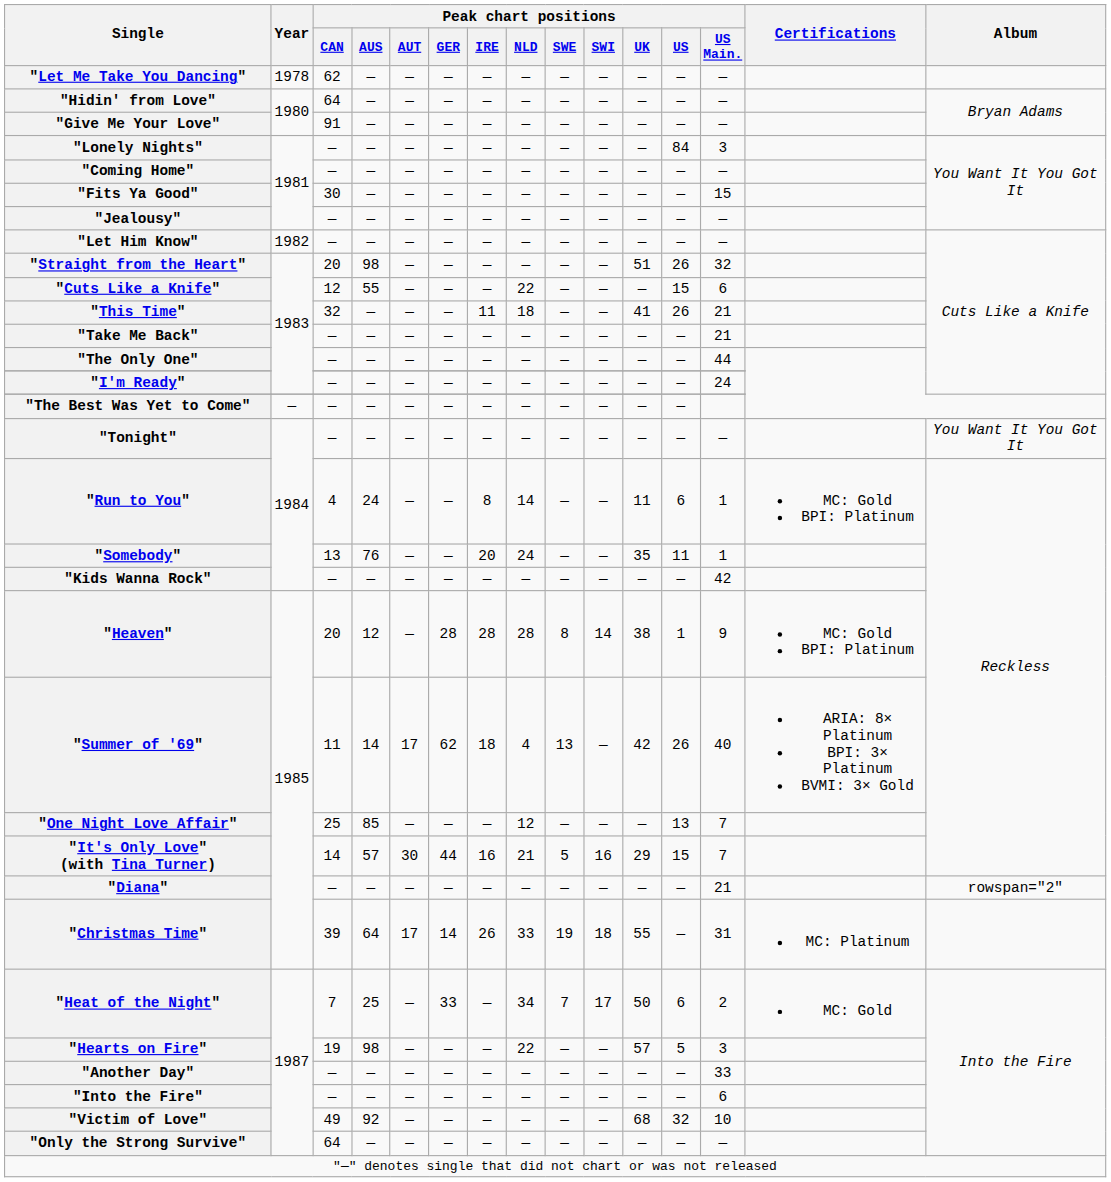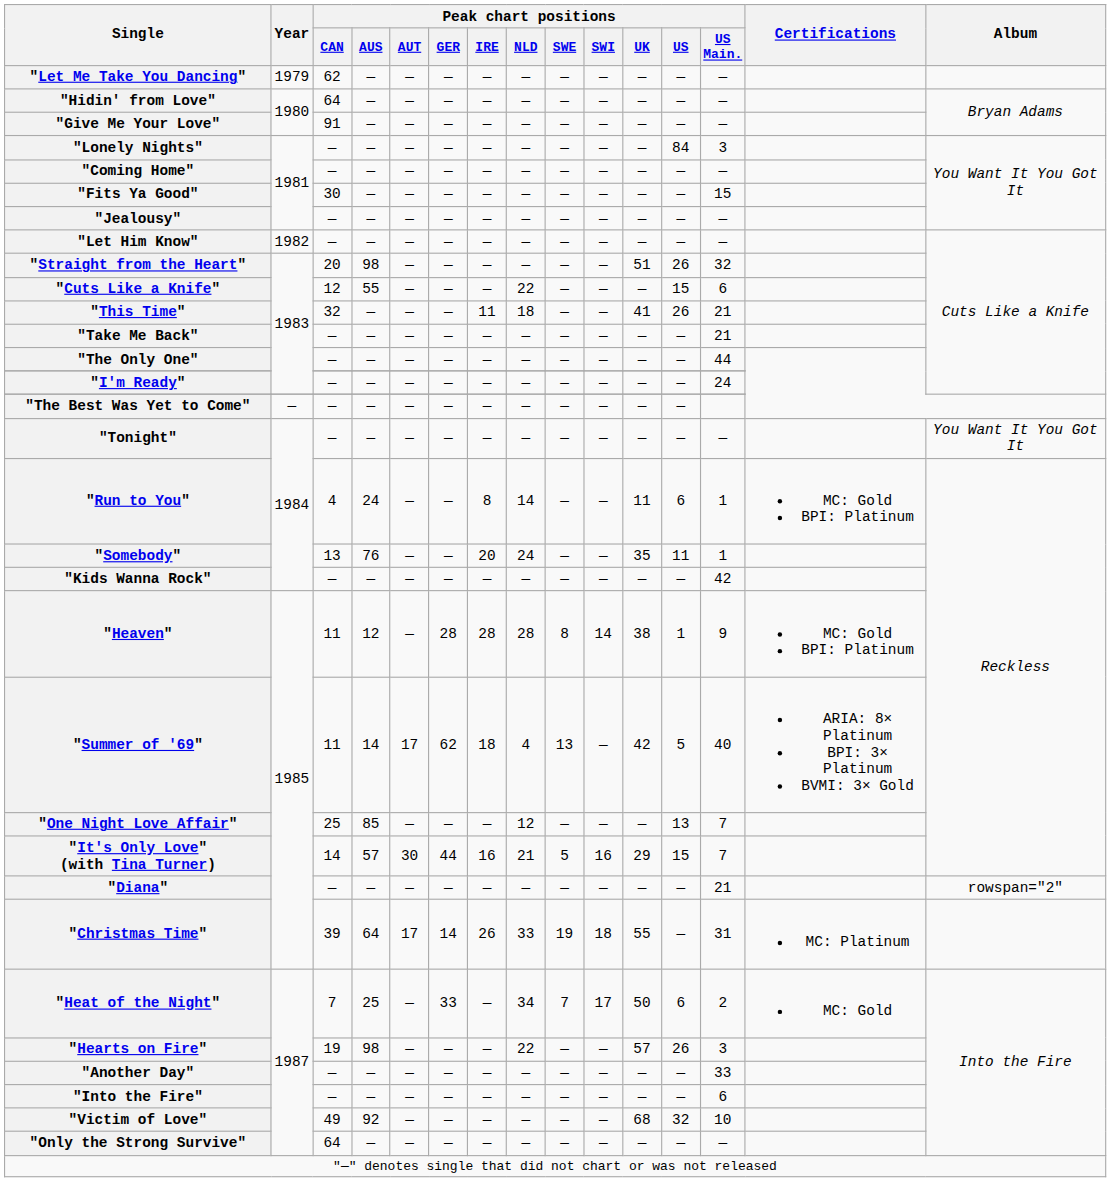 <table class="wikitable plainrowheaders" style="text-align:center;" border="1">
 <tr>
 <th scope="col" rowspan="2" style="width:18em;">Single</th>
 <th scope="col" rowspan="2">Year</th>
 <th scope="col" colspan="11">Peak chart positions</th>
 <th scope="col" rowspan="2" style="width:12em;"><a href='#'>Certifications</a></th>
 <th scope="col" rowspan="2" style="width:12em;">Album</th>
 </tr>
 <tr>
 <th scope="col" style="width:2.5em;font-size:90%;"><a href='#'>CAN</a><br></th>
 <th scope="col" style="width:2.5em;font-size:90%;"><a href='#'>AUS</a><br></th>
 <th scope="col" style="width:2.5em;font-size:90%;"><a href='#'>AUT</a><br></th>
 <th scope="col" style="width:2.5em;font-size:90%;"><a href='#'>GER</a><br></th>
 <th scope="col" style="width:2.5em;font-size:90%;"><a href='#'>IRE</a><br></th>
 <th scope="col" style="width:2.5em;font-size:90%;"><a href='#'>NLD</a><br></th>
 <th scope="col" style="width:2.5em;font-size:90%;"><a href='#'>SWE</a><br></th>
 <th scope="col" style="width:2.5em;font-size:90%;"><a href='#'>SWI</a><br></th>
 <th scope="col" style="width:2.5em;font-size:90%;"><a href='#'>UK</a><br></th>
 <th scope="col" style="width:2.5em;font-size:90%;"><a href='#'>US</a><br></th>
 <th scope="col" style="width:2.5em;font-size:90%;"><a href='#'>US<br>Main.</a><br></th>
 </tr>
 <tr>
 <th scope="row">"<a href='#'>Let Me Take You Dancing</a>"</th>
-<td>1978</td>
+<td>1979</td>
 <td>62</td>
 <td>—</td>
 <td>—</td>
 <td>—</td>
 <td>—</td>
 <td>—</td>
 <td>—</td>
 <td>—</td>
 <td>—</td>
 <td>—</td>
 <td>—</td>
 <td></td>
 <td></td>
 </tr>
 <tr>
 <th scope="row">"Hidin' from Love"</th>
 <td rowspan="2">1980</td>
 <td>64</td>
 <td>—</td>
 <td>—</td>
 <td>—</td>
 <td>—</td>
 <td>—</td>
 <td>—</td>
 <td>—</td>
 <td>—</td>
 <td>—</td>
 <td>—</td>
 <td></td>
 <td rowspan="2"><em>Bryan Adams</em></td>
 </tr>
 <tr>
 <th scope="row">"Give Me Your Love"</th>
 <td>91</td>
 <td>—</td>
 <td>—</td>
 <td>—</td>
 <td>—</td>
 <td>—</td>
 <td>—</td>
 <td>—</td>
 <td>—</td>
 <td>—</td>
 <td>—</td>
 <td></td>
 </tr>
 <tr>
 <th scope="row">"Lonely Nights"</th>
 <td rowspan="4">1981</td>
 <td>—</td>
 <td>—</td>
 <td>—</td>
 <td>—</td>
 <td>—</td>
 <td>—</td>
 <td>—</td>
 <td>—</td>
 <td>—</td>
 <td>84</td>
 <td>3</td>
 <td></td>
 <td rowspan="4"><em>You Want It You Got It</em></td>
 </tr>
 <tr>
 <th scope="row">"Coming Home"</th>
 <td>—</td>
 <td>—</td>
 <td>—</td>
 <td>—</td>
 <td>—</td>
 <td>—</td>
 <td>—</td>
 <td>—</td>
 <td>—</td>
 <td>—</td>
 <td>—</td>
 <td></td>
 </tr>
 <tr>
 <th scope="row">"Fits Ya Good"</th>
 <td>30</td>
 <td>—</td>
 <td>—</td>
 <td>—</td>
 <td>—</td>
 <td>—</td>
 <td>—</td>
 <td>—</td>
 <td>—</td>
 <td>—</td>
 <td>15</td>
 <td></td>
 </tr>
 <tr>
 <th scope="row">"Jealousy"</th>
 <td>—</td>
 <td>—</td>
 <td>—</td>
 <td>—</td>
 <td>—</td>
 <td>—</td>
 <td>—</td>
 <td>—</td>
 <td>—</td>
 <td>—</td>
 <td>—</td>
 <td></td>
 </tr>
 <tr>
 <th scope="row">"Let Him Know"</th>
 <td rowspan="1">1982</td>
 <td>—</td>
 <td>—</td>
 <td>—</td>
 <td>—</td>
 <td>—</td>
 <td>—</td>
 <td>—</td>
 <td>—</td>
 <td>—</td>
 <td>—</td>
 <td>—</td>
 <td></td>
 <td rowspan="8"><em>Cuts Like a Knife</em></td>
 </tr>
 <tr>
 <th scope="row">"<a href='#'>Straight from the Heart</a>"</th>
 <td rowspan="7">1983</td>
 <td>20</td>
 <td>98</td>
 <td>—</td>
 <td>—</td>
 <td>—</td>
 <td>—</td>
 <td>—</td>
 <td>—</td>
 <td>51</td>
 <td>26</td>
 <td>32</td>
 <td></td>
 </tr>
 <tr>
 <th scope="row">"<a href='#'>Cuts Like a Knife</a>"</th>
 <td>12</td>
 <td>55</td>
 <td>—</td>
 <td>—</td>
 <td>—</td>
 <td>22</td>
 <td>—</td>
 <td>—</td>
 <td>—</td>
 <td>15</td>
 <td>6</td>
 <td></td>
 </tr>
 <tr>
 <th scope="row">"<a href='#'>This Time</a>"</th>
 <td>32</td>
 <td>—</td>
 <td>—</td>
 <td>—</td>
 <td>11</td>
 <td>18</td>
 <td>—</td>
 <td>—</td>
 <td>41</td>
 <td>26</td>
 <td>21</td>
 <td></td>
 </tr>
 <tr>
 <th scope="row">"Take Me Back"</th>
 <td>—</td>
 <td>—</td>
 <td>—</td>
 <td>—</td>
 <td>—</td>
 <td>—</td>
 <td>—</td>
 <td>—</td>
 <td>—</td>
 <td>—</td>
 <td>21</td>
 <td></td>
 </tr>
 <tr>
 <th scope="row">"The Only One"</th>
 <td>—</td>
 <td>—</td>
 <td>—</td>
 <td>—</td>
 <td>—</td>
 <td>—</td>
 <td>—</td>
 <td>—</td>
 <td>—</td>
 <td>—</td>
 <td>44</td>
 </tr>
 <tr>
 </tr>
 <tr>
 <th scope="row">"<a href='#'>I'm Ready</a>"</th>
 <td>—</td>
 <td>—</td>
 <td>—</td>
 <td>—</td>
 <td>—</td>
 <td>—</td>
 <td>—</td>
 <td>—</td>
 <td>—</td>
 <td>—</td>
 <td>24</td>
 </tr>
 <tr>
 </tr>
 <tr>
 <th scope="row">"The Best Was Yet to Come"</th>
 <td>—</td>
 <td>—</td>
 <td>—</td>
 <td>—</td>
 <td>—</td>
 <td>—</td>
 <td>—</td>
 <td>—</td>
 <td>—</td>
 <td>—</td>
 <td>—</td>
 <td></td>
 </tr>
 <tr>
 <th scope="row">"Tonight"</th>
 <td rowspan="4">1984</td>
 <td>—</td>
 <td>—</td>
 <td>—</td>
 <td>—</td>
 <td>—</td>
 <td>—</td>
 <td>—</td>
 <td>—</td>
 <td>—</td>
 <td>—</td>
 <td>—</td>
 <td></td>
 <td rowspan="1"><em>You Want It You Got It</em></td>
 </tr>
 <tr>
 <th scope="row">"<a href='#'>Run to You</a>"</th>
 <td>4</td>
 <td>24</td>
 <td>—</td>
 <td>—</td>
 <td>8</td>
 <td>14</td>
 <td>—</td>
 <td>—</td>
 <td>11</td>
 <td>6</td>
 <td>1</td>
 <td><br><ul><li>MC: Gold</li><li>BPI: Platinum</li></ul></td>
 <td rowspan="7"><em>Reckless</em></td>
 </tr>
 <tr>
 <th scope="row">"<a href='#'>Somebody</a>"</th>
 <td>13</td>
 <td>76</td>
 <td>—</td>
 <td>—</td>
 <td>20</td>
 <td>24</td>
 <td>—</td>
 <td>—</td>
 <td>35</td>
 <td>11</td>
 <td>1</td>
 <td></td>
 </tr>
 <tr>
 <th scope="row">"Kids Wanna Rock"</th>
 <td>—</td>
 <td>—</td>
 <td>—</td>
 <td>—</td>
 <td>—</td>
 <td>—</td>
 <td>—</td>
 <td>—</td>
 <td>—</td>
 <td>—</td>
 <td>42</td>
 <td></td>
 </tr>
 <tr>
 <th scope="row">"<a href='#'>Heaven</a>"</th>
 <td rowspan="6">1985</td>
-<td>20</td>
+<td>11</td>
 <td>12</td>
 <td>—</td>
 <td>28</td>
 <td>28</td>
 <td>28</td>
 <td>8</td>
 <td>14</td>
 <td>38</td>
 <td>1</td>
 <td>9</td>
 <td><br><ul><li>MC: Gold</li><li>BPI: Platinum</li></ul></td>
 </tr>
 <tr>
 <th scope="row">"<a href='#'>Summer of '69</a>"</th>
 <td>11</td>
 <td>14</td>
 <td>17</td>
 <td>62</td>
 <td>18</td>
 <td>4</td>
 <td>13</td>
 <td>—</td>
 <td>42</td>
-<td>26</td>
+<td>5</td>
 <td>40</td>
 <td><br><ul><li>ARIA: 8× Platinum</li><li>BPI: 3× Platinum</li><li>BVMI: 3× Gold</li></ul></td>
 </tr>
 <tr>
 <th scope="row">"<a href='#'>One Night Love Affair</a>"</th>
 <td>25</td>
 <td>85</td>
 <td>—</td>
 <td>—</td>
 <td>—</td>
 <td>12</td>
 <td>—</td>
 <td>—</td>
 <td>—</td>
 <td>13</td>
 <td>7</td>
 <td></td>
 </tr>
 <tr>
 <th scope="row">"<a href='#'>It's Only Love</a>"<br><span>(with <a href='#'>Tina Turner</a>)</span></th>
 <td>14</td>
 <td>57</td>
 <td>30</td>
 <td>44</td>
 <td>16</td>
 <td>21</td>
 <td>5</td>
 <td>16</td>
 <td>29</td>
 <td>15</td>
 <td>7</td>
 <td></td>
 </tr>
 <tr>
 <th scope="row">"<a href='#'>Diana</a>"</th>
 <td>—</td>
 <td>—</td>
 <td>—</td>
 <td>—</td>
 <td>—</td>
 <td>—</td>
 <td>—</td>
 <td>—</td>
 <td>—</td>
 <td>—</td>
 <td>21</td>
 <td></td>
 <td>rowspan="2" </td>
 </tr>
 <tr>
 <th scope="row">"<a href='#'>Christmas Time</a>"</th>
 <td>39</td>
 <td>64</td>
 <td>17</td>
 <td>14</td>
 <td>26</td>
 <td>33</td>
 <td>19</td>
 <td>18</td>
 <td>55</td>
 <td>—</td>
 <td>31</td>
 <td><br><ul><li>MC: Platinum</li></ul></td>
 </tr>
 <tr>
 <th scope="row">"<a href='#'>Heat of the Night</a>"</th>
 <td rowspan="6">1987</td>
 <td>7</td>
 <td>25</td>
 <td>—</td>
 <td>33</td>
 <td>—</td>
 <td>34</td>
 <td>7</td>
 <td>17</td>
 <td>50</td>
 <td>6</td>
 <td>2</td>
 <td><br><ul><li>MC: Gold</li></ul></td>
 <td rowspan="6"><em>Into the Fire</em></td>
 </tr>
 <tr>
 <th scope="row">"<a href='#'>Hearts on Fire</a>"</th>
 <td>19</td>
 <td>98</td>
 <td>—</td>
 <td>—</td>
 <td>—</td>
 <td>22</td>
 <td>—</td>
 <td>—</td>
 <td>57</td>
-<td>5</td>
+<td>26</td>
 <td>3</td>
 <td></td>
 </tr>
 <tr>
 <th scope="row">"Another Day"</th>
 <td>—</td>
 <td>—</td>
 <td>—</td>
 <td>—</td>
 <td>—</td>
 <td>—</td>
 <td>—</td>
 <td>—</td>
 <td>—</td>
 <td>—</td>
 <td>33</td>
 <td></td>
 </tr>
 <tr>
 <th scope="row">"Into the Fire"</th>
 <td>—</td>
 <td>—</td>
 <td>—</td>
 <td>—</td>
 <td>—</td>
 <td>—</td>
 <td>—</td>
 <td>—</td>
 <td>—</td>
 <td>—</td>
 <td>6</td>
 <td></td>
 </tr>
 <tr>
 <th scope="row">"Victim of Love"</th>
 <td>49</td>
 <td>92</td>
 <td>—</td>
 <td>—</td>
 <td>—</td>
 <td>—</td>
 <td>—</td>
 <td>—</td>
 <td>68</td>
 <td>32</td>
 <td>10</td>
 <td></td>
 </tr>
 <tr>
 <th scope="row">"Only the Strong Survive"</th>
 <td>64</td>
 <td>—</td>
 <td>—</td>
 <td>—</td>
 <td>—</td>
 <td>—</td>
 <td>—</td>
 <td>—</td>
 <td>—</td>
 <td>—</td>
 <td>—</td>
 <td></td>
 </tr>
 <tr>
 <td colspan="16" style="font-size:90%">"—" denotes single that did not chart or was not released</td>
 </tr>
 </table>
